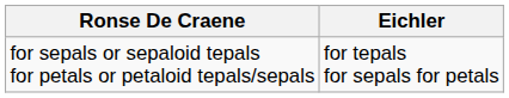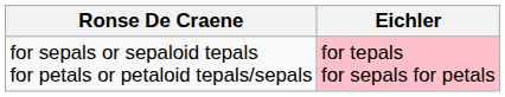 <table class="wikitable">
 <tr>
 <th>Ronse De Craene</th>
 <th>Eichler</th>
 </tr>
 <tr>
 <td> for sepals or sepaloid tepals<br> for petals or petaloid tepals/sepals</td>
-<td> for tepals<br> for sepals  for petals</td>
+<td style="background: pink;"> for tepals<br> for sepals  for petals</td>
 </tr>
 </table>
